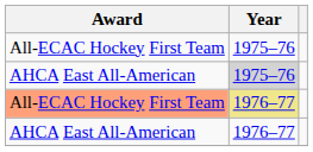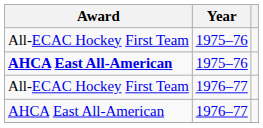 <table class="wikitable">
 <tr>
 <th>Award</th>
 <th>Year</th>
 <th></th>
 </tr>
 <tr>
 <td>All-<a href='#'>ECAC Hockey</a> <a href='#'>First Team</a></td>
 <td><a href='#'>1975–76</a></td>
 <td></td>
 </tr>
 <tr>
-<td><a href='#'>AHCA</a> <a href='#'>East All-American</a></td>
-<td style="background: lightgrey;"><a href='#'>1975–76</a></td>
+<td><strong><a href='#'>AHCA</a> <a href='#'>East All-American</a></strong></td>
+<td><a href='#'>1975–76</a></td>
 <td></td>
 </tr>
 <tr>
-<td style="background: lightsalmon;">All-<a href='#'>ECAC Hockey</a> <a href='#'>First Team</a></td>
-<td style="background: khaki;"><a href='#'>1976–77</a></td>
+<td>All-<a href='#'>ECAC Hockey</a> <a href='#'>First Team</a></td>
+<td><a href='#'>1976–77</a></td>
 <td></td>
 </tr>
 <tr>
 <td><a href='#'>AHCA</a> <a href='#'>East All-American</a></td>
 <td><a href='#'>1976–77</a></td>
 <td></td>
 </tr>
 <tr>
 </tr>
 </table>
